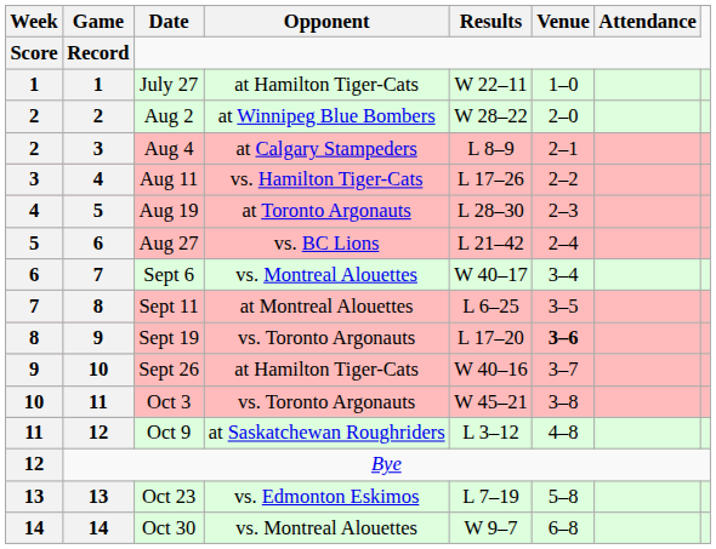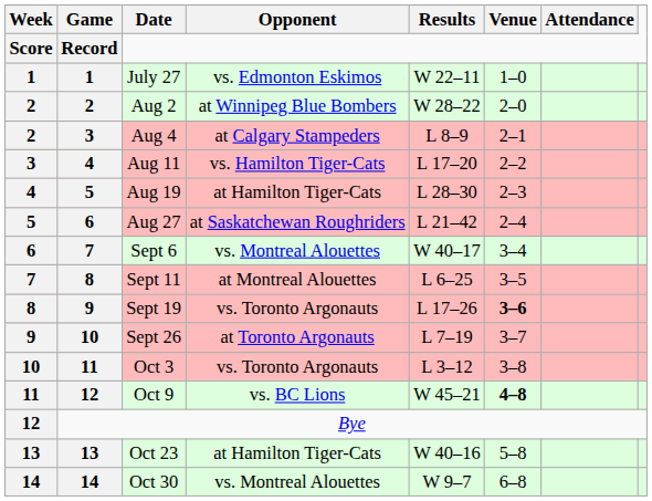 <table class="wikitable" style="text-align:center">
 <tr>
 <th>Week</th>
 <th>Game</th>
 <th>Date</th>
 <th>Opponent</th>
 <th>Results</th>
 <th>Venue</th>
 <th>Attendance</th>
 </tr>
 <tr>
 <th>Score</th>
 <th>Record</th>
 </tr>
 <tr style="background:#ddffdd">
 <th>1</th>
 <th>1</th>
 <td>July 27</td>
-<td>at Hamilton Tiger-Cats</td>
+<td>vs. <a href='#'>Edmonton Eskimos</a></td>
 <td>W 22–11</td>
 <td>1–0</td>
 <td></td>
 <td></td>
 </tr>
 <tr style="background:#ddffdd">
 <th>2</th>
 <th>2</th>
 <td>Aug 2</td>
 <td>at <a href='#'>Winnipeg Blue Bombers</a></td>
 <td>W 28–22</td>
 <td>2–0</td>
 <td></td>
 <td></td>
 </tr>
 <tr style="background:#ffbbbb">
 <th>2</th>
 <th>3</th>
 <td>Aug 4</td>
 <td>at <a href='#'>Calgary Stampeders</a></td>
 <td>L 8–9</td>
 <td>2–1</td>
 <td></td>
 <td></td>
 </tr>
 <tr style="background:#ffbbbb">
 <th>3</th>
 <th>4</th>
 <td>Aug 11</td>
 <td>vs. <a href='#'>Hamilton Tiger-Cats</a></td>
-<td>L 17–26</td>
+<td>L 17–20</td>
 <td>2–2</td>
 <td></td>
 <td></td>
 </tr>
 <tr style="background:#ffbbbb">
 <th>4</th>
 <th>5</th>
 <td>Aug 19</td>
-<td>at <a href='#'>Toronto Argonauts</a></td>
+<td>at Hamilton Tiger-Cats</td>
 <td>L 28–30</td>
 <td>2–3</td>
 <td></td>
 <td></td>
 </tr>
 <tr style="background:#ffbbbb">
 <th>5</th>
 <th>6</th>
 <td>Aug 27</td>
-<td>vs. <a href='#'>BC Lions</a></td>
+<td>at <a href='#'>Saskatchewan Roughriders</a></td>
 <td>L 21–42</td>
 <td>2–4</td>
 <td></td>
 <td></td>
 </tr>
 <tr style="background:#ddffdd">
 <th>6</th>
 <th>7</th>
 <td>Sept 6</td>
 <td>vs. <a href='#'>Montreal Alouettes</a></td>
 <td>W 40–17</td>
 <td>3–4</td>
 <td></td>
 <td></td>
 </tr>
 <tr style="background:#ffbbbb">
 <th>7</th>
 <th>8</th>
 <td>Sept 11</td>
 <td>at Montreal Alouettes</td>
 <td>L 6–25</td>
 <td>3–5</td>
 <td></td>
 <td></td>
 </tr>
 <tr style="background:#ffbbbb">
 <th>8</th>
 <th>9</th>
 <td>Sept 19</td>
 <td>vs. Toronto Argonauts</td>
-<td>L 17–20</td>
+<td>L 17–26</td>
 <td><strong>3–6</strong></td>
 <td></td>
 <td></td>
 </tr>
 <tr style="background:#ffbbbb">
 <th>9</th>
 <th>10</th>
 <td>Sept 26</td>
-<td>at Hamilton Tiger-Cats</td>
-<td>W 40–16</td>
+<td>at <a href='#'>Toronto Argonauts</a></td>
+<td>L 7–19</td>
 <td>3–7</td>
 <td></td>
 <td></td>
 </tr>
 <tr style="background:#ffbbbb">
 <th>10</th>
 <th>11</th>
 <td>Oct 3</td>
 <td>vs. Toronto Argonauts</td>
-<td>W 45–21</td>
+<td>L 3–12</td>
 <td>3–8</td>
 <td></td>
 <td></td>
 </tr>
 <tr style="background:#ddffdd">
 <th>11</th>
 <th>12</th>
 <td>Oct 9</td>
-<td>at <a href='#'>Saskatchewan Roughriders</a></td>
-<td>L 3–12</td>
-<td>4–8</td>
+<td>vs. <a href='#'>BC Lions</a></td>
+<td>W 45–21</td>
+<td><strong>4–8</strong></td>
 <td></td>
 <td></td>
 </tr>
 <tr>
 <th>12</th>
 <td colspan="7"><em><a href='#'>Bye</a></em></td>
 </tr>
 <tr style="background:#ddffdd">
 <th>13</th>
 <th>13</th>
 <td>Oct 23</td>
-<td>vs. <a href='#'>Edmonton Eskimos</a></td>
-<td>L 7–19</td>
+<td>at Hamilton Tiger-Cats</td>
+<td>W 40–16</td>
 <td>5–8</td>
 <td></td>
 <td></td>
 </tr>
 <tr style="background:#ddffdd">
 <th>14</th>
 <th>14</th>
 <td>Oct 30</td>
 <td>vs. Montreal Alouettes</td>
 <td>W 9–7</td>
 <td>6–8</td>
 <td></td>
 <td></td>
 </tr>
 </table>
